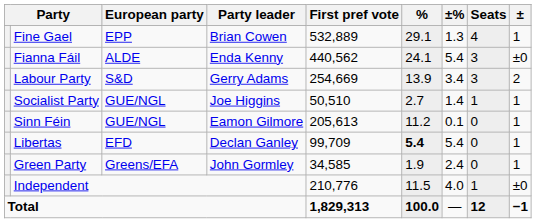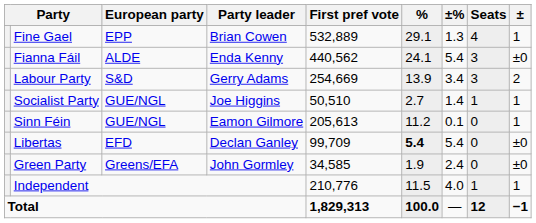 <table class="wikitable">
 <tr style="background-color:#C9C9C9">
 <th colspan=2>Party</th>
 <th>European party</th>
 <th>Party leader</th>
 <th>First pref vote</th>
 <th>%</th>
 <th>±%</th>
 <th>Seats</th>
 <th>±</th>
 </tr>
 <tr>
 <th style="background-color: "></th>
 <td><a href='#'>Fine Gael</a></td>
 <td><a href='#'>EPP</a></td>
 <td><a href='#'>Brian Cowen</a></td>
 <td>532,889</td>
 <td style="background-color:#EEEEEE">29.1</td>
 <td>1.3</td>
 <td style="background-color:#EEEEEE">4</td>
 <td>1</td>
 </tr>
 <tr>
 <th style="background-color: "></th>
 <td><a href='#'>Fianna Fáil</a></td>
 <td><a href='#'>ALDE</a></td>
 <td><a href='#'>Enda Kenny</a></td>
 <td>440,562</td>
 <td style="background-color:#EEEEEE">24.1</td>
 <td>5.4</td>
 <td style="background-color:#EEEEEE">3</td>
 <td>±0</td>
 </tr>
 <tr>
 <th style="background-color: "></th>
 <td><a href='#'>Labour Party</a></td>
 <td><a href='#'>S&D</a></td>
 <td><a href='#'>Gerry Adams</a></td>
 <td>254,669</td>
 <td style="background-color:#EEEEEE">13.9</td>
 <td>3.4</td>
 <td style="background-color:#EEEEEE">3</td>
 <td>2</td>
 </tr>
 <tr>
 <th style="background-color: "></th>
 <td><a href='#'>Socialist Party</a></td>
 <td><a href='#'>GUE/NGL</a></td>
 <td><a href='#'>Joe Higgins</a></td>
 <td>50,510</td>
 <td style="background-color:#EEEEEE">2.7</td>
 <td>1.4</td>
 <td style="background-color:#EEEEEE">1</td>
 <td>1</td>
 </tr>
 <tr>
 <th style="background-color: "></th>
 <td><a href='#'>Sinn Féin</a></td>
 <td><a href='#'>GUE/NGL</a></td>
 <td><a href='#'>Eamon Gilmore</a></td>
 <td>205,613</td>
 <td style="background-color:#EEEEEE">11.2</td>
 <td>0.1</td>
 <td style="background-color:#EEEEEE">0</td>
 <td>1</td>
 </tr>
 <tr>
 <th style="background-color: "></th>
 <td><a href='#'>Libertas</a></td>
 <td><a href='#'>EFD</a></td>
 <td><a href='#'>Declan Ganley</a></td>
 <td>99,709</td>
 <td style="background-color:#EEEEEE"><strong>5.4</strong></td>
 <td>5.4</td>
 <td style="background-color:#EEEEEE">0</td>
-<td>1</td>
+<td>±0</td>
 </tr>
 <tr>
 <th style="background-color: "></th>
 <td><a href='#'>Green Party</a></td>
 <td><a href='#'>Greens/EFA</a></td>
 <td><a href='#'>John Gormley</a></td>
 <td>34,585</td>
 <td style="background-color:#EEEEEE">1.9</td>
 <td>2.4</td>
 <td style="background-color:#EEEEEE">0</td>
-<td>1</td>
+<td>±0</td>
 </tr>
 <tr>
 <th style="background-color: "></th>
 <td colspan=3><a href='#'>Independent</a></td>
 <td>210,776</td>
 <td style="background-color:#EEEEEE">11.5</td>
 <td>4.0</td>
 <td style="background-color:#EEEEEE">1</td>
-<td>±0</td>
+<td>1</td>
 </tr>
 <tr>
 <td colspan=4><strong>Total</strong></td>
 <td><strong>1,829,313</strong></td>
 <td style="background-color:#EEEEEE"><strong>100.0</strong></td>
 <td align=center>—</td>
 <td style="background-color:#EEEEEE"><strong>12</strong></td>
 <td><strong>−1</strong></td>
 </tr>
 </table>
